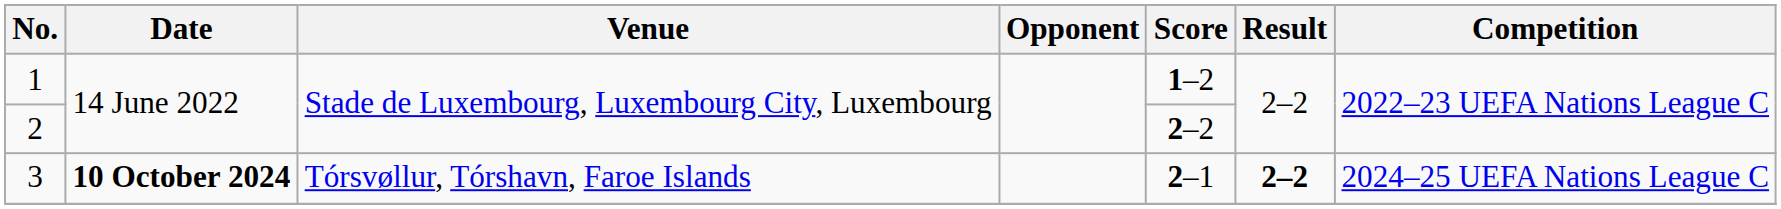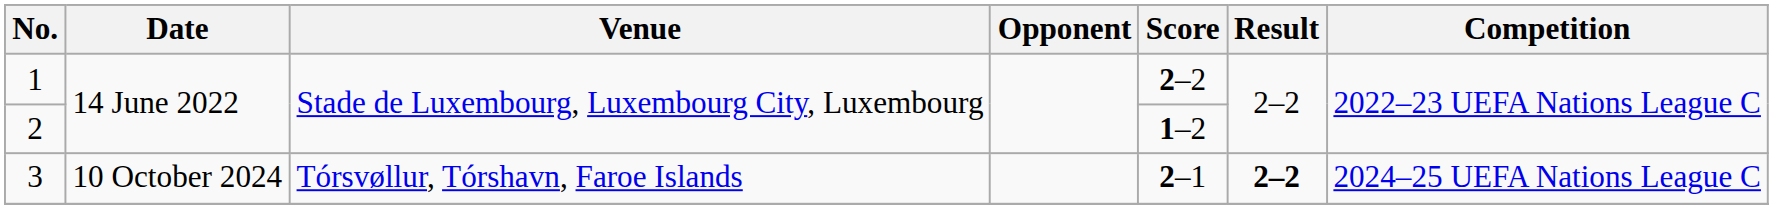 <table class="wikitable sortable">
 <tr>
 <th scope="col">No.</th>
 <th scope="col">Date</th>
 <th scope="col">Venue</th>
 <th scope="col">Opponent</th>
 <th scope="col">Score</th>
 <th scope="col">Result</th>
 <th scope="col">Competition</th>
 </tr>
 <tr>
 <td align="center">1</td>
 <td rowspan="2">14 June 2022</td>
 <td rowspan="2"><a href='#'>Stade de Luxembourg</a>, <a href='#'>Luxembourg City</a>, Luxembourg</td>
 <td rowspan="2"></td>
-<td align="center"><strong>1</strong>–2</td>
+<td align="center"><strong>2</strong>–2</td>
 <td rowspan="2" align="center">2–2</td>
 <td rowspan="2"><a href='#'>2022–23 UEFA Nations League C</a></td>
 </tr>
 <tr>
 <td align="center">2</td>
-<td align="center"><strong>2</strong>–2</td>
+<td align="center"><strong>1</strong>–2</td>
 </tr>
 <tr>
 <td align="center">3</td>
-<td><strong>10 October 2024</strong></td>
+<td>10 October 2024</td>
 <td><a href='#'>Tórsvøllur</a>, <a href='#'>Tórshavn</a>, <a href='#'>Faroe Islands</a></td>
 <td></td>
 <td align="center"><strong>2</strong>–1</td>
 <td align=center><strong>2–2</strong></td>
 <td><a href='#'>2024–25 UEFA Nations League C</a></td>
 </tr>
 <tr>
 </tr>
 </table>
